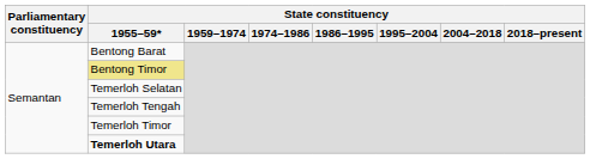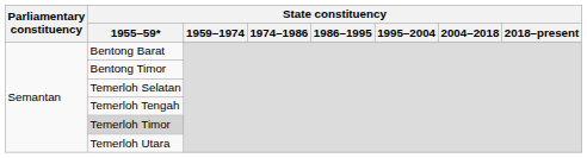 <table class="wikitable">
 <tr>
 <th rowspan="2">Parliamentary<br>constituency</th>
 <th colspan="7">State constituency</th>
 </tr>
 <tr>
 <th>1955–59*</th>
 <th>1959–1974</th>
 <th>1974–1986</th>
 <th>1986–1995</th>
 <th>1995–2004</th>
 <th>2004–2018</th>
 <th>2018–present</th>
 </tr>
 <tr>
 <td rowspan="6">Semantan</td>
 <td>Bentong Barat</td>
 <td colspan="6" rowspan="6" bgcolor="dcdcdc"></td>
 </tr>
 <tr>
-<td style="background: khaki;">Bentong Timor</td>
+<td>Bentong Timor</td>
 </tr>
 <tr>
 <td>Temerloh Selatan</td>
 </tr>
 <tr>
 <td>Temerloh Tengah</td>
 </tr>
 <tr>
-<td>Temerloh Timor</td>
+<td style="background: lightgrey;">Temerloh Timor</td>
 </tr>
 <tr>
-<td><strong>Temerloh Utara</strong></td>
+<td>Temerloh Utara</td>
 </tr>
 </table>
